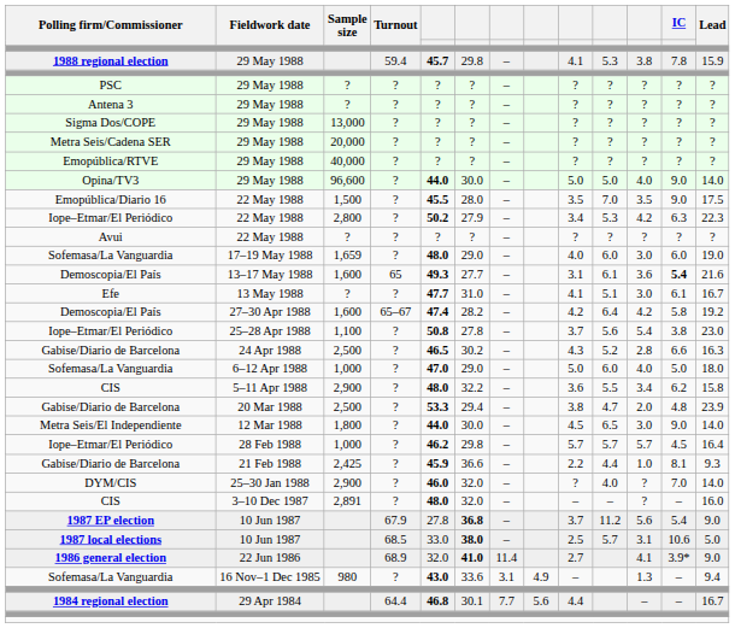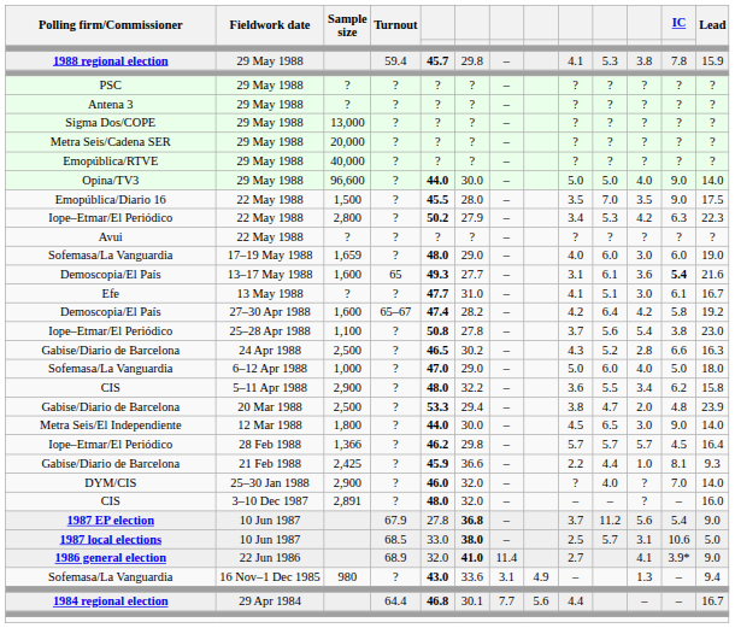 <table class="wikitable collapsible collapsed" style="text-align:center; font-size:95%; line-height:16px;">
 <tr style="height:42px;">
 <th style="width:250px;" rowspan="2">Polling firm/Commissioner</th>
 <th style="width:125px;" rowspan="2">Fieldwork date</th>
 <th style="width:50px;" rowspan="2">Sample size</th>
 <th style="width:45px;" rowspan="2">Turnout</th>
 <th style="width:35px;"></th>
 <th style="width:35px;"></th>
 <th style="width:35px;"></th>
 <th style="width:35px;"></th>
 <th style="width:35px;"></th>
 <th style="width:35px;"></th>
 <th style="width:35px;"></th>
 <th style="width:35px;"><a href='#'>IC</a></th>
 <th style="width:30px;" rowspan="2">Lead</th>
 </tr>
 <tr>
 <th style="color:inherit;background:"></th>
 <th style="color:inherit;background:"></th>
 <th style="color:inherit;background:"></th>
 <th style="color:inherit;background:"></th>
 <th style="color:inherit;background:"></th>
 <th style="color:inherit;background:"></th>
 <th style="color:inherit;background:"></th>
 <th style="color:inherit;background:"></th>
 </tr>
 <tr>
 <td colspan="13" style="background:#A0A0A0"></td>
 </tr>
 <tr style="background:#EFEFEF;">
 <td><strong><a href='#'>1988 regional election</a></strong></td>
 <td>29 May 1988</td>
 <td></td>
 <td>59.4</td>
 <td><strong>45.7</strong><br></td>
 <td>29.8<br></td>
 <td>–</td>
 <td></td>
 <td>4.1<br></td>
 <td>5.3<br></td>
 <td>3.8<br></td>
 <td>7.8<br></td>
 <td style="background:">15.9</td>
 </tr>
 <tr>
 <td colspan="13" style="background:#A0A0A0"></td>
 </tr>
 <tr style="background:#EAFFEA;">
 <td>PSC</td>
 <td>29 May 1988</td>
 <td>?</td>
 <td>?</td>
 <td>?<br></td>
 <td>?<br></td>
 <td>–</td>
 <td></td>
 <td>?<br></td>
 <td>?<br></td>
 <td>?<br></td>
 <td>?<br></td>
 <td style="background:">?</td>
 </tr>
 <tr style="background:#EAFFEA;">
 <td>Antena 3</td>
 <td>29 May 1988</td>
 <td>?</td>
 <td>?</td>
 <td>?<br></td>
 <td>?<br></td>
 <td>–</td>
 <td></td>
 <td>?<br></td>
 <td>?<br></td>
 <td>?<br></td>
 <td>?<br></td>
 <td style="background:">?</td>
 </tr>
 <tr style="background:#EAFFEA;">
 <td>Sigma Dos/COPE</td>
 <td>29 May 1988</td>
 <td>13,000</td>
 <td>?</td>
 <td>?<br></td>
 <td>?<br></td>
 <td>–</td>
 <td></td>
 <td>?<br></td>
 <td>?<br></td>
 <td>?<br></td>
 <td>?<br></td>
 <td style="background:">?</td>
 </tr>
 <tr style="background:#EAFFEA;">
 <td>Metra Seis/Cadena SER</td>
 <td>29 May 1988</td>
 <td>20,000</td>
 <td>?</td>
 <td>?<br></td>
 <td>?<br></td>
 <td>–</td>
 <td></td>
 <td>?<br></td>
 <td>?<br></td>
 <td>?<br></td>
 <td>?<br></td>
 <td style="background:">?</td>
 </tr>
 <tr style="background:#EAFFEA;">
 <td>Emopública/RTVE</td>
 <td>29 May 1988</td>
 <td>40,000</td>
 <td>?</td>
 <td>?<br></td>
 <td>?<br></td>
 <td>–</td>
 <td></td>
 <td>?<br></td>
 <td>?<br></td>
 <td>?<br></td>
 <td>?<br></td>
 <td style="background:">?</td>
 </tr>
 <tr style="background:#EAFFEA;">
 <td>Opina/TV3</td>
 <td>29 May 1988</td>
 <td>96,600</td>
 <td>?</td>
 <td><strong>44.0</strong><br></td>
 <td>30.0<br></td>
 <td>–</td>
 <td></td>
 <td>5.0<br></td>
 <td>5.0<br></td>
 <td>4.0<br></td>
 <td>9.0<br></td>
 <td style="background:">14.0</td>
 </tr>
 <tr>
 <td>Emopública/Diario 16</td>
 <td>22 May 1988</td>
 <td>1,500</td>
 <td>?</td>
 <td><strong>45.5</strong><br></td>
 <td>28.0<br></td>
 <td>–</td>
 <td></td>
 <td>3.5<br></td>
 <td>7.0<br></td>
 <td>3.5<br></td>
 <td>9.0<br></td>
 <td style="background:">17.5</td>
 </tr>
 <tr>
 <td>Iope–Etmar/El Periódico</td>
 <td>22 May 1988</td>
 <td>2,800</td>
 <td>?</td>
 <td><strong>50.2</strong><br></td>
 <td>27.9<br></td>
 <td>–</td>
 <td></td>
 <td>3.4<br></td>
 <td>5.3<br></td>
 <td>4.2<br></td>
 <td>6.3<br></td>
 <td style="background:">22.3</td>
 </tr>
 <tr>
 <td>Avui</td>
 <td>22 May 1988</td>
 <td>?</td>
 <td>?</td>
 <td>?<br></td>
 <td>?<br></td>
 <td>–</td>
 <td></td>
 <td>?<br></td>
 <td>?<br></td>
 <td>?<br></td>
 <td>?<br></td>
 <td style="background:">?</td>
 </tr>
 <tr>
 <td>Sofemasa/La Vanguardia</td>
 <td>17–19 May 1988</td>
 <td>1,659</td>
 <td>?</td>
 <td><strong>48.0</strong><br></td>
 <td>29.0<br></td>
 <td>–</td>
 <td></td>
 <td>4.0<br></td>
 <td>6.0<br></td>
 <td>3.0<br></td>
 <td>6.0<br></td>
 <td style="background:">19.0</td>
 </tr>
 <tr>
 <td>Demoscopia/El País</td>
 <td>13–17 May 1988</td>
 <td>1,600</td>
 <td>65</td>
 <td><strong>49.3</strong><br></td>
 <td>27.7<br></td>
 <td>–</td>
 <td></td>
 <td>3.1<br></td>
 <td>6.1<br></td>
 <td>3.6<br></td>
 <td><strong>5.4<br></strong></td>
 <td style="background:">21.6</td>
 </tr>
 <tr>
 <td>Efe</td>
 <td>13 May 1988</td>
 <td>?</td>
 <td>?</td>
 <td><strong>47.7</strong></td>
 <td>31.0</td>
 <td>–</td>
 <td></td>
 <td>4.1</td>
 <td>5.1</td>
 <td>3.0</td>
 <td>6.1</td>
 <td style="background:">16.7</td>
 </tr>
 <tr>
 <td>Demoscopia/El País</td>
 <td>27–30 Apr 1988</td>
 <td>1,600</td>
 <td>65–67</td>
 <td><strong>47.4</strong><br></td>
 <td>28.2<br></td>
 <td>–</td>
 <td></td>
 <td>4.2<br></td>
 <td>6.4<br></td>
 <td>4.2<br></td>
 <td>5.8<br></td>
 <td style="background:">19.2</td>
 </tr>
 <tr>
 <td>Iope–Etmar/El Periódico</td>
 <td>25–28 Apr 1988</td>
 <td>1,100</td>
 <td>?</td>
 <td><strong>50.8</strong><br></td>
 <td>27.8<br></td>
 <td>–</td>
 <td></td>
 <td>3.7<br></td>
 <td>5.6<br></td>
 <td>5.4<br></td>
 <td>3.8<br></td>
 <td style="background:">23.0</td>
 </tr>
 <tr>
 <td>Gabise/Diario de Barcelona</td>
 <td>24 Apr 1988</td>
 <td>2,500</td>
 <td>?</td>
 <td><strong>46.5</strong><br></td>
 <td>30.2<br></td>
 <td>–</td>
 <td></td>
 <td>4.3<br></td>
 <td>5.2<br></td>
 <td>2.8<br></td>
 <td>6.6<br></td>
 <td style="background:">16.3</td>
 </tr>
 <tr>
 <td>Sofemasa/La Vanguardia</td>
 <td>6–12 Apr 1988</td>
 <td>1,000</td>
 <td>?</td>
 <td><strong>47.0</strong><br></td>
 <td>29.0<br></td>
 <td>–</td>
 <td></td>
 <td>5.0<br></td>
 <td>6.0<br></td>
 <td>4.0<br></td>
 <td>5.0<br></td>
 <td style="background:">18.0</td>
 </tr>
 <tr>
 <td>CIS</td>
 <td>5–11 Apr 1988</td>
 <td>2,900</td>
 <td>?</td>
 <td><strong>48.0</strong><br></td>
 <td>32.2<br></td>
 <td>–</td>
 <td></td>
 <td>3.6<br></td>
 <td>5.5<br></td>
 <td>3.4<br></td>
 <td>6.2<br></td>
 <td style="background:">15.8</td>
 </tr>
 <tr>
 <td>Gabise/Diario de Barcelona</td>
 <td>20 Mar 1988</td>
 <td>2,500</td>
 <td>?</td>
 <td><strong>53.3</strong><br></td>
 <td>29.4<br></td>
 <td>–</td>
 <td></td>
 <td>3.8<br></td>
 <td>4.7<br></td>
 <td>2.0<br></td>
 <td>4.8<br></td>
 <td style="background:">23.9</td>
 </tr>
 <tr>
 <td>Metra Seis/El Independiente</td>
 <td>12 Mar 1988</td>
 <td>1,800</td>
 <td>?</td>
 <td><strong>44.0</strong><br></td>
 <td>30.0<br></td>
 <td>–</td>
 <td></td>
 <td>4.5<br></td>
 <td>6.5<br></td>
 <td>3.0<br></td>
 <td>9.0<br></td>
 <td style="background:">14.0</td>
 </tr>
 <tr>
 <td>Iope–Etmar/El Periódico</td>
 <td>28 Feb 1988</td>
-<td>1,000</td>
+<td>1,366</td>
 <td>?</td>
 <td><strong>46.2</strong><br></td>
 <td>29.8<br></td>
 <td>–</td>
 <td></td>
 <td>5.7<br></td>
 <td>5.7<br></td>
 <td>5.7<br></td>
 <td>4.5<br></td>
 <td style="background:">16.4</td>
 </tr>
 <tr>
 <td>Gabise/Diario de Barcelona</td>
 <td>21 Feb 1988</td>
 <td>2,425</td>
 <td>?</td>
 <td><strong>45.9</strong><br></td>
 <td>36.6<br></td>
 <td>–</td>
 <td></td>
 <td>2.2<br></td>
 <td>4.4<br></td>
 <td>1.0<br></td>
 <td>8.1<br></td>
 <td style="background:">9.3</td>
 </tr>
 <tr>
 <td>DYM/CIS</td>
 <td>25–30 Jan 1988</td>
 <td>2,900</td>
 <td>?</td>
 <td><strong>46.0</strong><br></td>
 <td>32.0<br></td>
 <td>–</td>
 <td></td>
 <td>?<br></td>
 <td>4.0<br></td>
 <td>?<br></td>
 <td>7.0<br></td>
 <td style="background:">14.0</td>
 </tr>
 <tr>
 <td>CIS</td>
 <td>3–10 Dec 1987</td>
 <td>2,891</td>
 <td>?</td>
 <td><strong>48.0</strong><br></td>
 <td>32.0<br></td>
 <td>–</td>
 <td></td>
 <td>–</td>
 <td>–</td>
 <td>?<br></td>
 <td>–</td>
 <td style="background:">16.0</td>
 </tr>
 <tr style="background:#EFEFEF;">
 <td><strong><a href='#'>1987 EP election</a></strong></td>
 <td>10 Jun 1987</td>
 <td></td>
 <td>67.9</td>
 <td>27.8<br></td>
 <td><strong>36.8</strong><br></td>
 <td>–</td>
 <td></td>
 <td>3.7<br></td>
 <td>11.2<br></td>
 <td>5.6<br></td>
 <td>5.4<br></td>
 <td style="background:">9.0</td>
 </tr>
 <tr style="background:#EFEFEF;">
 <td><strong><a href='#'>1987 local elections</a></strong></td>
 <td>10 Jun 1987</td>
 <td></td>
 <td>68.5</td>
 <td>33.0</td>
 <td><strong>38.0</strong></td>
 <td>–</td>
 <td></td>
 <td>2.5</td>
 <td>5.7</td>
 <td>3.1</td>
 <td>10.6</td>
 <td style="background:">5.0</td>
 </tr>
 <tr style="background:#EFEFEF;">
 <td><strong><a href='#'>1986 general election</a></strong></td>
 <td>22 Jun 1986</td>
 <td></td>
 <td>68.9</td>
 <td>32.0<br></td>
 <td><strong>41.0</strong><br></td>
 <td>11.4<br></td>
 <td></td>
 <td>2.7<br></td>
 <td></td>
 <td>4.1<br></td>
 <td>3.9*<br></td>
 <td style="background:">9.0</td>
 </tr>
 <tr>
 <td>Sofemasa/La Vanguardia</td>
 <td>16 Nov–1 Dec 1985</td>
 <td>980</td>
 <td>?</td>
 <td><strong>43.0</strong></td>
 <td>33.6</td>
 <td>3.1</td>
 <td>4.9</td>
 <td>–</td>
 <td></td>
 <td>1.3</td>
 <td>–</td>
 <td style="background:">9.4</td>
 </tr>
 <tr>
 <td colspan="13" style="background:#A0A0A0"></td>
 </tr>
 <tr style="background:#EFEFEF;">
 <td><strong><a href='#'>1984 regional election</a></strong></td>
 <td>29 Apr 1984</td>
 <td></td>
 <td>64.4</td>
 <td><strong>46.8</strong><br></td>
 <td>30.1<br></td>
 <td>7.7<br></td>
 <td>5.6<br></td>
 <td>4.4<br></td>
 <td></td>
 <td>–</td>
 <td>–</td>
 <td style="background:">16.7</td>
 </tr>
 <tr>
 <td colspan="13" style="background:#A0A0A0"></td>
 </tr>
 <tr>
 <td align="left" colspan="13"></td>
 </tr>
 </table>
